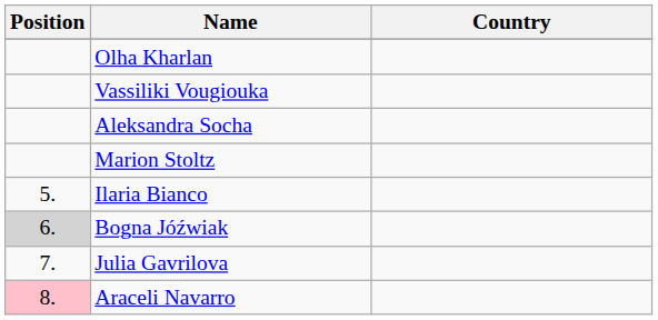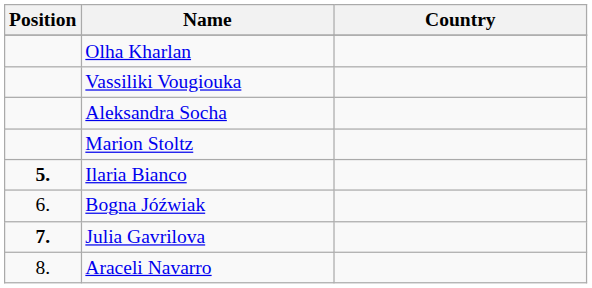 <table class="wikitable">
 <tr>
 <th width="20">Position</th>
 <th width="200">Name</th>
 <th width="200">Country</th>
 </tr>
 <tr>
 </tr>
 <tr>
 <td align="center"></td>
 <td><a href='#'>Olha Kharlan</a></td>
 <td></td>
 </tr>
 <tr>
 <td align="center"></td>
 <td><a href='#'>Vassiliki Vougiouka</a></td>
 <td></td>
 </tr>
 <tr>
 <td align="center"></td>
 <td><a href='#'>Aleksandra Socha</a></td>
 <td></td>
 </tr>
 <tr>
 <td align="center"></td>
 <td><a href='#'>Marion Stoltz</a></td>
 <td></td>
 </tr>
 <tr>
-<td align="center">5.</td>
+<td align="center"><strong>5.</strong></td>
 <td><a href='#'>Ilaria Bianco</a></td>
 <td></td>
 </tr>
 <tr>
-<td align="center" style="background: lightgrey;">6.</td>
+<td align="center">6.</td>
 <td><a href='#'>Bogna Jóźwiak</a></td>
 <td></td>
 </tr>
 <tr>
-<td align="center">7.</td>
+<td align="center"><strong>7.</strong></td>
 <td><a href='#'>Julia Gavrilova</a></td>
 <td></td>
 </tr>
 <tr>
-<td align="center" style="background: pink;">8.</td>
+<td align="center">8.</td>
 <td><a href='#'>Araceli Navarro</a></td>
 <td></td>
 </tr>
 </table>
